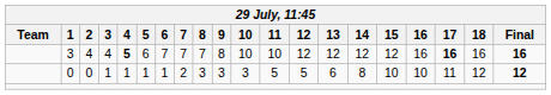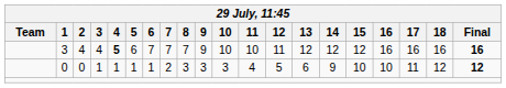 <table class=wikitable style="text-align:center; width: 55%">
 <tr>
 <th colspan=20><em>29 July, 11:45</em></th>
 </tr>
 <tr>
 <th>Team</th>
 <th>1</th>
 <th>2</th>
 <th>3</th>
 <th>4</th>
 <th>5</th>
 <th>6</th>
 <th>7</th>
 <th>8</th>
 <th>9</th>
 <th>10</th>
 <th>11</th>
 <th>12</th>
 <th>13</th>
 <th>14</th>
 <th>15</th>
 <th>16</th>
 <th>17</th>
 <th>18</th>
 <th>Final</th>
 </tr>
 <tr>
 <td align=left><strong></strong></td>
 <td>3</td>
 <td>4</td>
 <td>4</td>
 <td><strong>5</strong></td>
 <td>6</td>
 <td>7</td>
 <td>7</td>
 <td>7</td>
-<td>8</td>
+<td>9</td>
 <td>10</td>
 <td>10</td>
-<td>12</td>
+<td>11</td>
 <td>12</td>
 <td>12</td>
 <td>12</td>
 <td>16</td>
-<td><strong>16</strong></td>
+<td>16</td>
 <td>16</td>
 <td><strong>16</strong></td>
 </tr>
 <tr>
 <td align=left></td>
 <td>0</td>
 <td>0</td>
 <td>1</td>
 <td>1</td>
 <td>1</td>
 <td>1</td>
 <td>2</td>
 <td>3</td>
 <td>3</td>
 <td>3</td>
-<td>5</td>
+<td>4</td>
 <td>5</td>
 <td>6</td>
-<td>8</td>
+<td>9</td>
 <td>10</td>
 <td>10</td>
 <td>11</td>
 <td>12</td>
 <td><strong>12</strong></td>
 </tr>
 <tr>
 <td colspan=20></td>
 </tr>
 </table>
